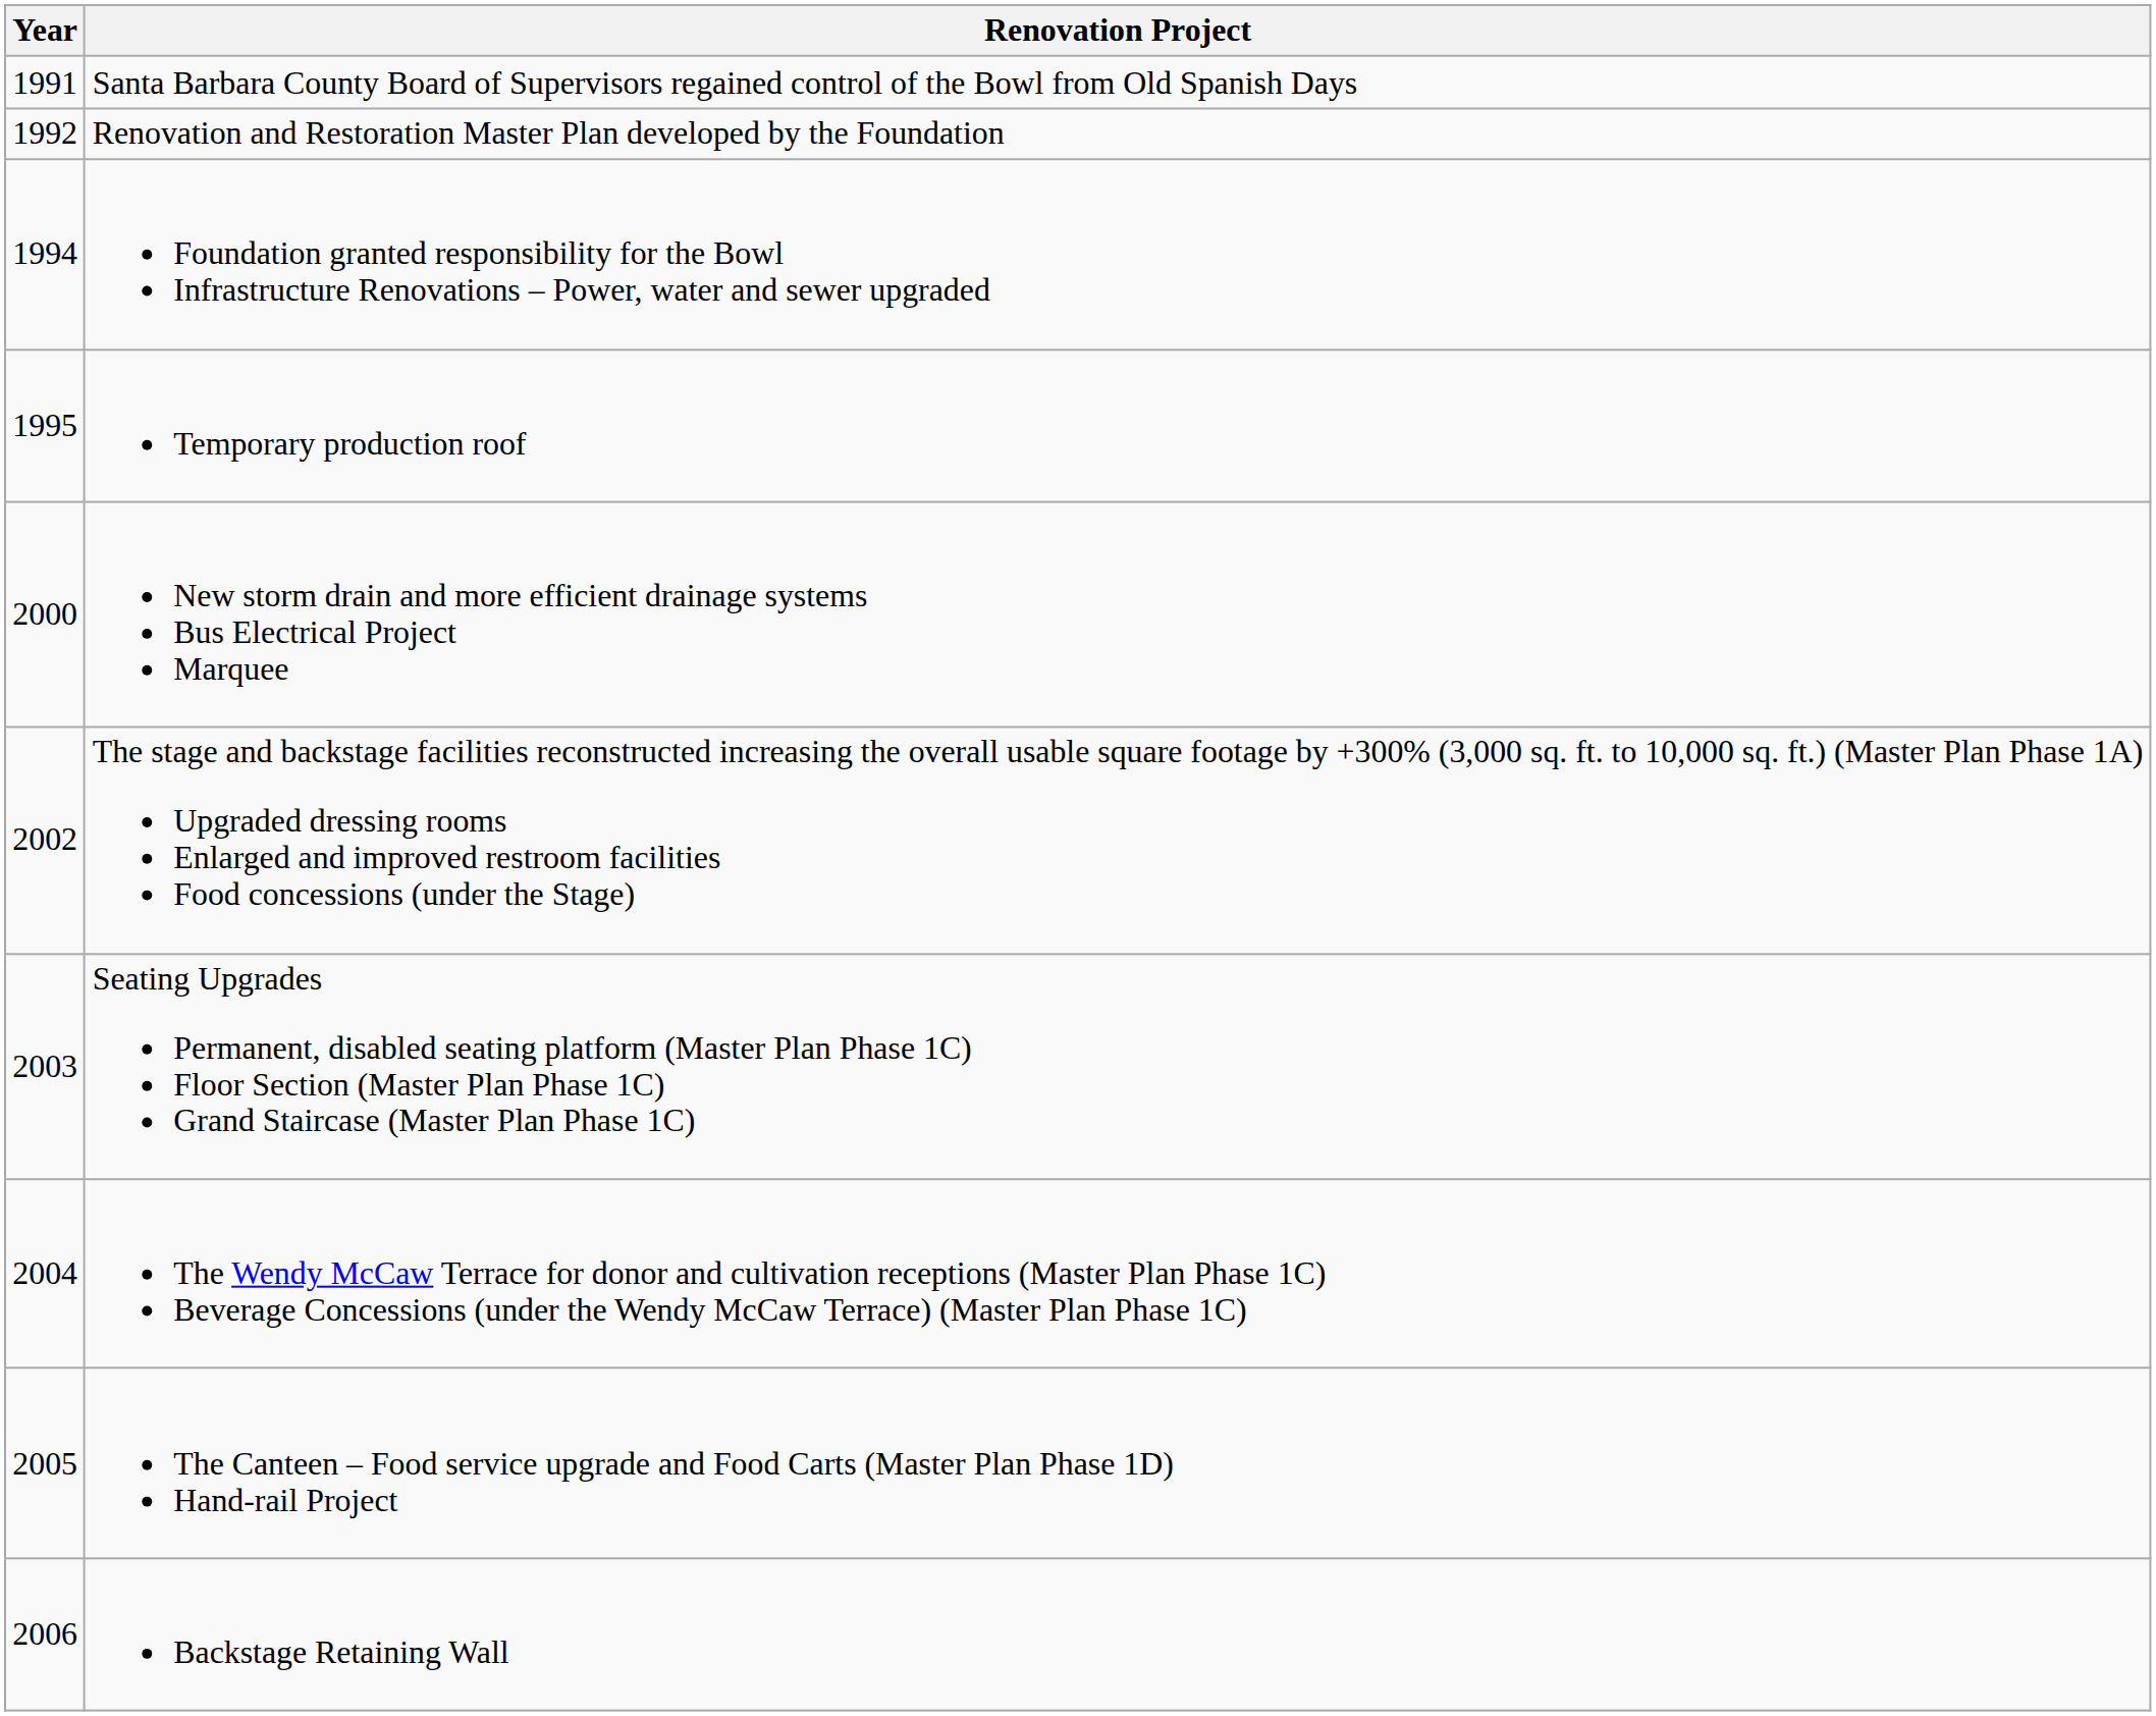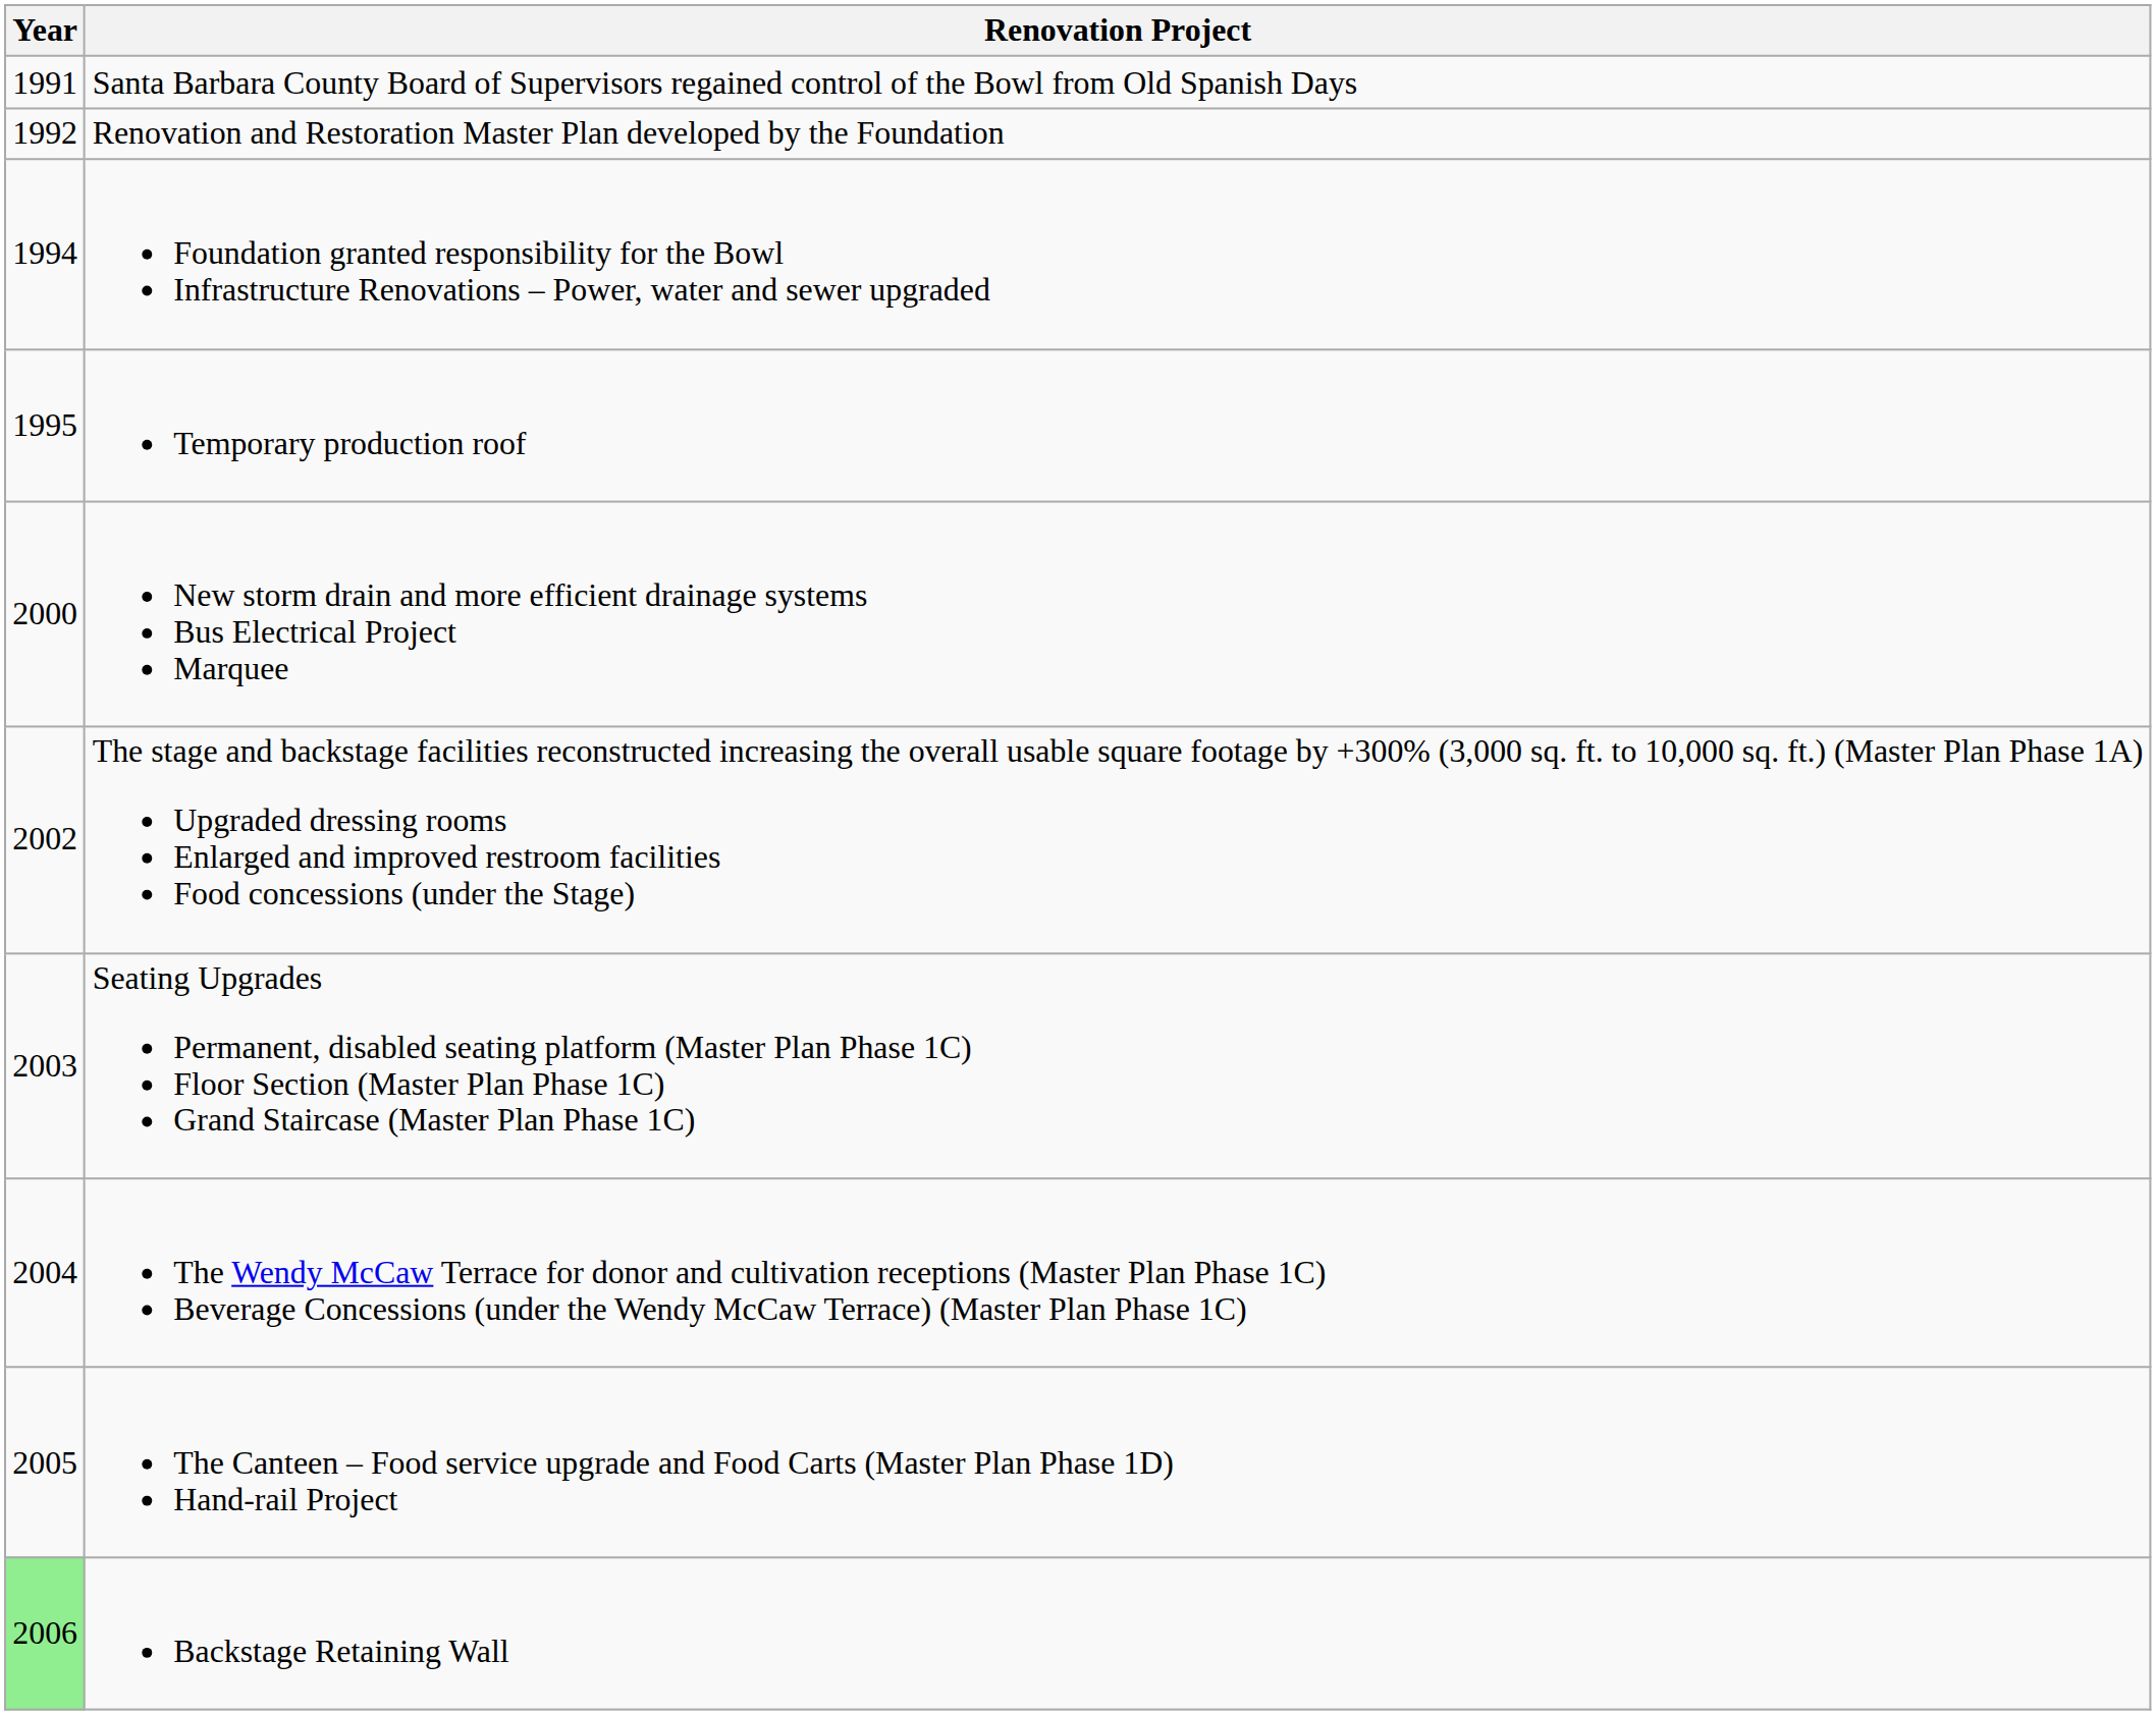 <table class="wikitable">
 <tr>
 <th>Year</th>
 <th>Renovation Project</th>
 </tr>
 <tr>
 <td>1991</td>
 <td>Santa Barbara County Board of Supervisors regained control of the Bowl from Old Spanish Days</td>
 </tr>
 <tr>
 <td>1992</td>
 <td>Renovation and Restoration Master Plan developed by the Foundation</td>
 </tr>
 <tr>
 <td>1994</td>
 <td><br><ul><li>Foundation granted responsibility for the Bowl</li><li>Infrastructure Renovations – Power, water and sewer upgraded</li></ul></td>
 </tr>
 <tr>
 <td>1995</td>
 <td><br><ul><li>Temporary production roof</li></ul></td>
 </tr>
 <tr>
 <td>2000</td>
 <td><br><ul><li>New storm drain and more efficient drainage systems</li><li>Bus Electrical Project</li><li>Marquee</li></ul></td>
 </tr>
 <tr>
 <td>2002</td>
 <td>The stage and backstage facilities reconstructed increasing the overall usable square footage by +300% (3,000 sq. ft. to 10,000 sq. ft.)  (Master Plan Phase 1A)<br><ul><li>Upgraded dressing rooms</li><li>Enlarged and improved restroom facilities</li><li>Food concessions (under the Stage)</li></ul></td>
 </tr>
 <tr>
 <td>2003</td>
 <td>Seating Upgrades<br><ul><li>Permanent, disabled seating platform (Master Plan Phase 1C)</li><li>Floor Section (Master Plan Phase 1C)</li><li>Grand Staircase (Master Plan Phase 1C)</li></ul></td>
 </tr>
 <tr>
 <td>2004</td>
 <td><br><ul><li>The <a href='#'>Wendy McCaw</a> Terrace for donor and cultivation receptions (Master Plan Phase 1C)</li><li>Beverage Concessions (under the Wendy McCaw Terrace) (Master Plan Phase 1C)</li></ul></td>
 </tr>
 <tr>
 <td>2005</td>
 <td><br><ul><li>The Canteen – Food service upgrade and Food Carts (Master Plan Phase 1D)</li><li>Hand-rail Project</li></ul></td>
 </tr>
 <tr>
-<td>2006</td>
+<td style="background: lightgreen;">2006</td>
 <td><br><ul><li>Backstage Retaining Wall</li></ul></td>
 </tr>
 </table>
